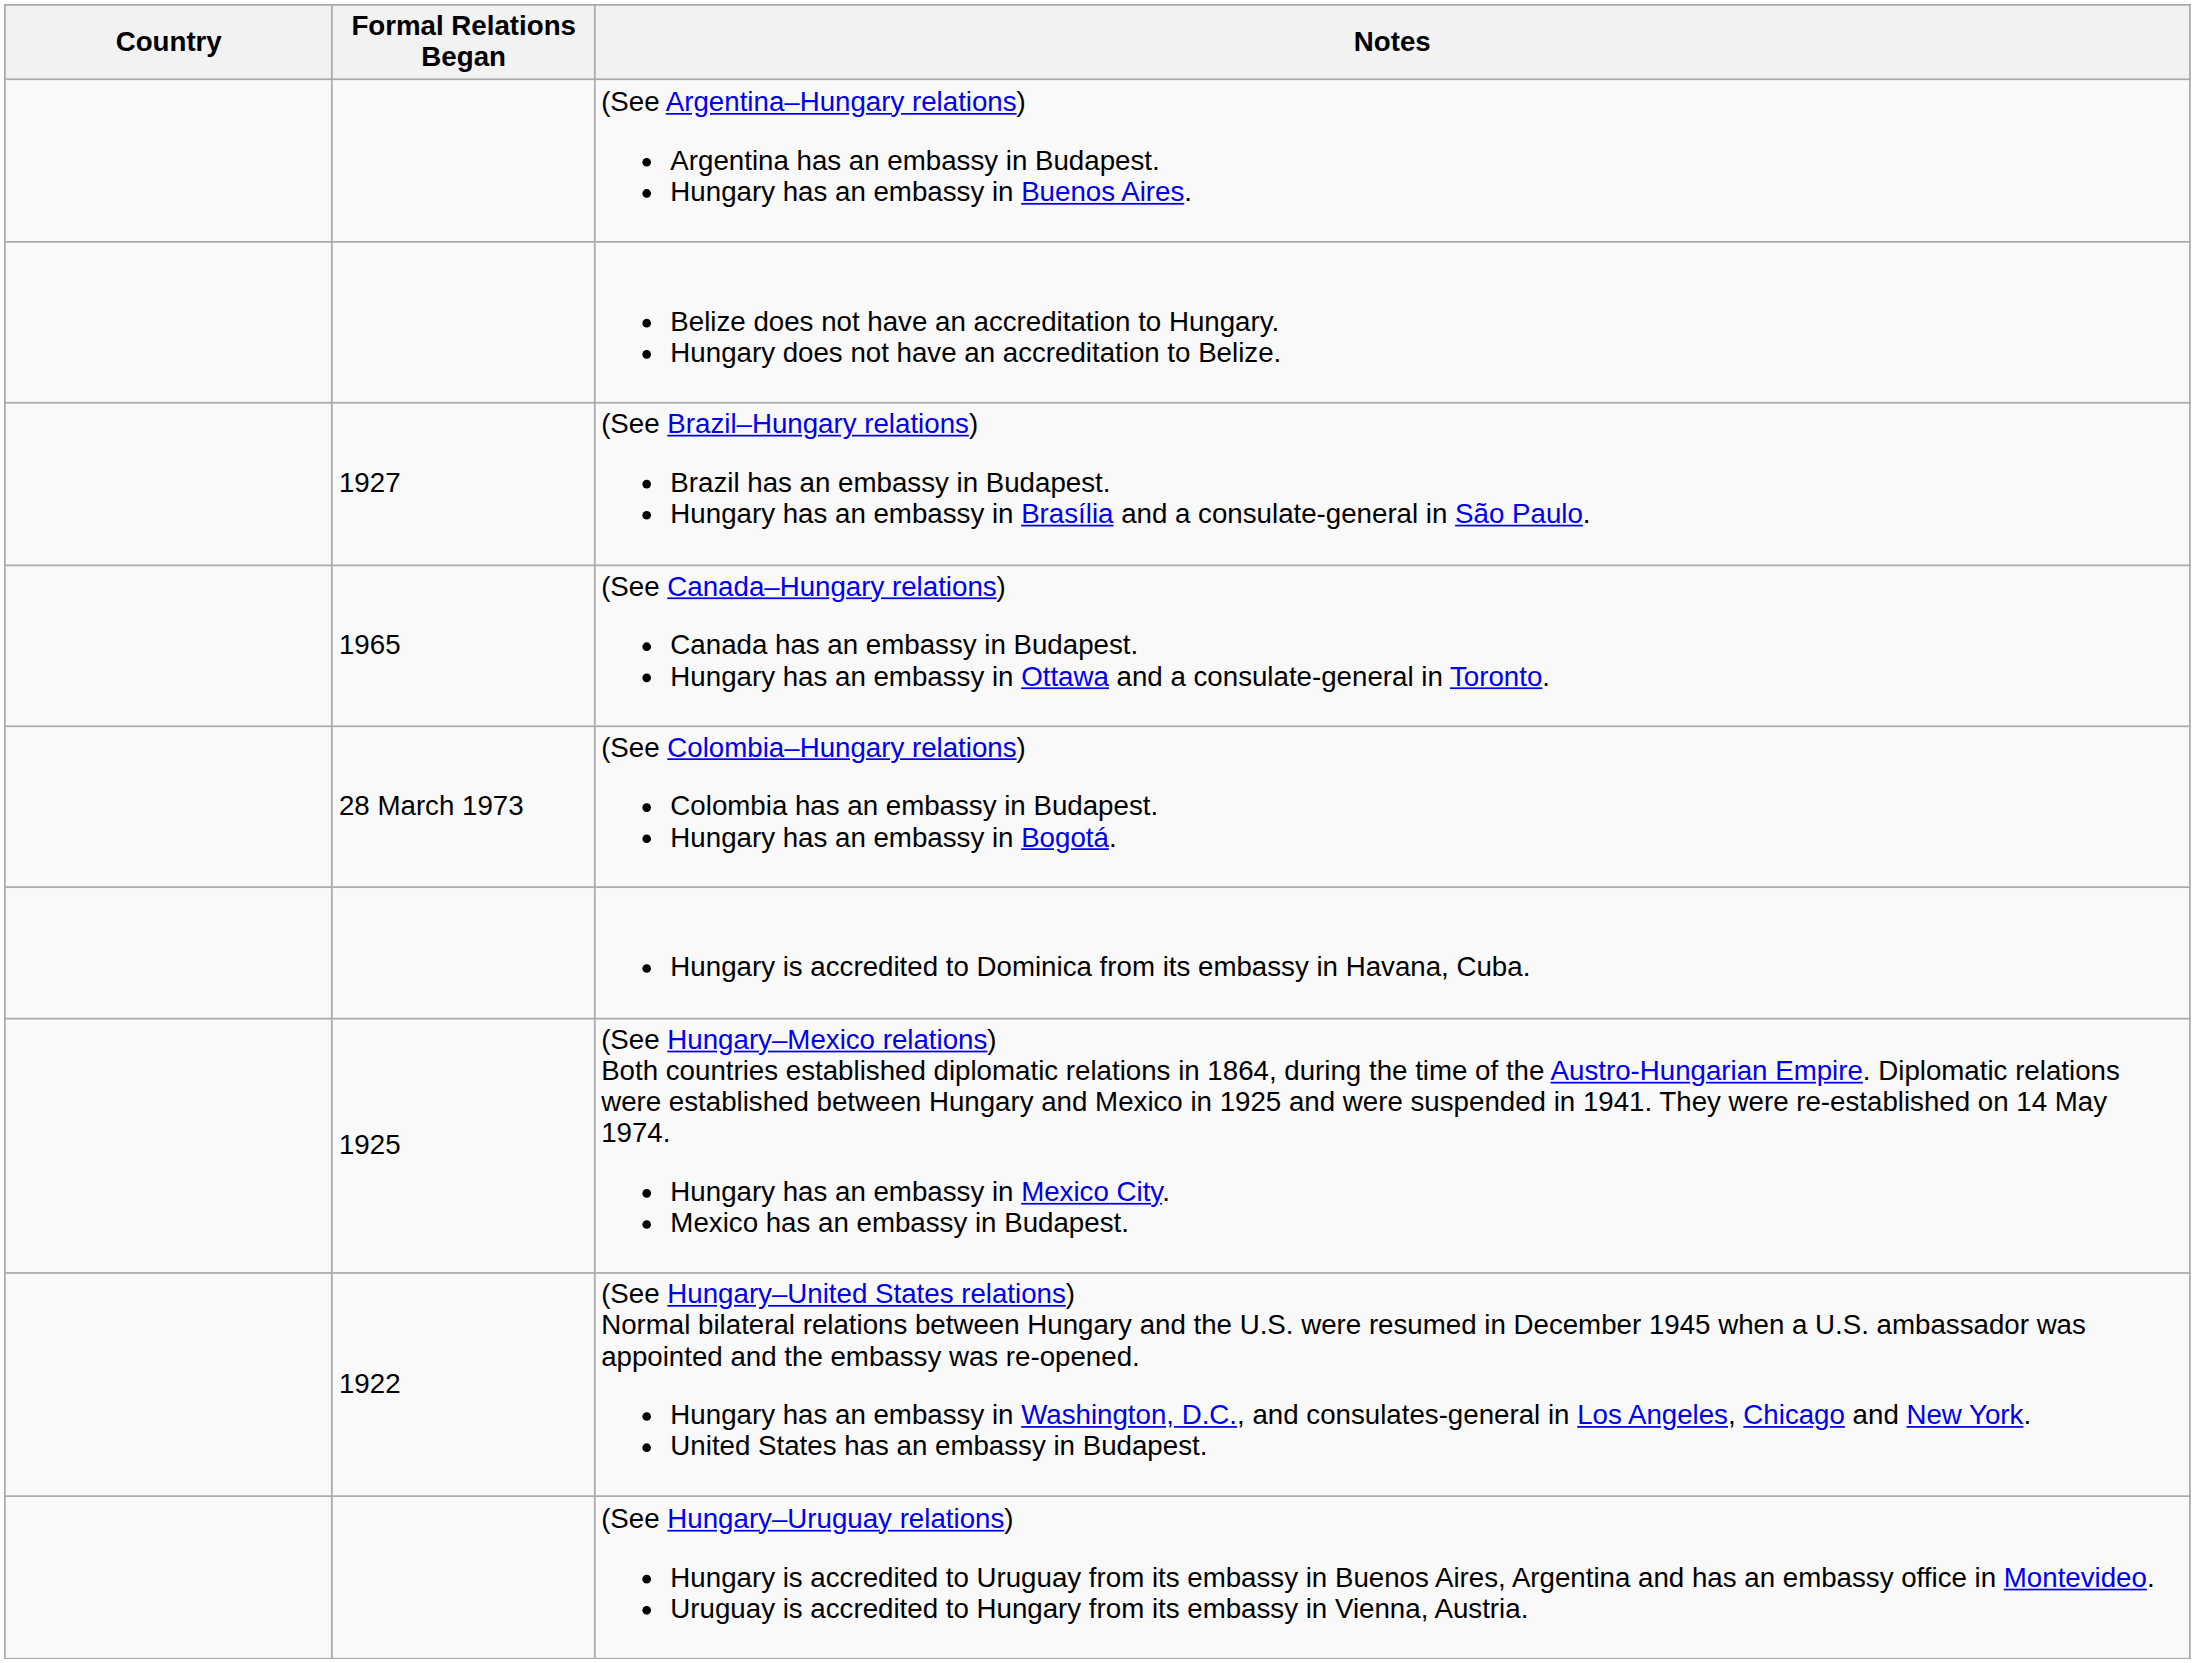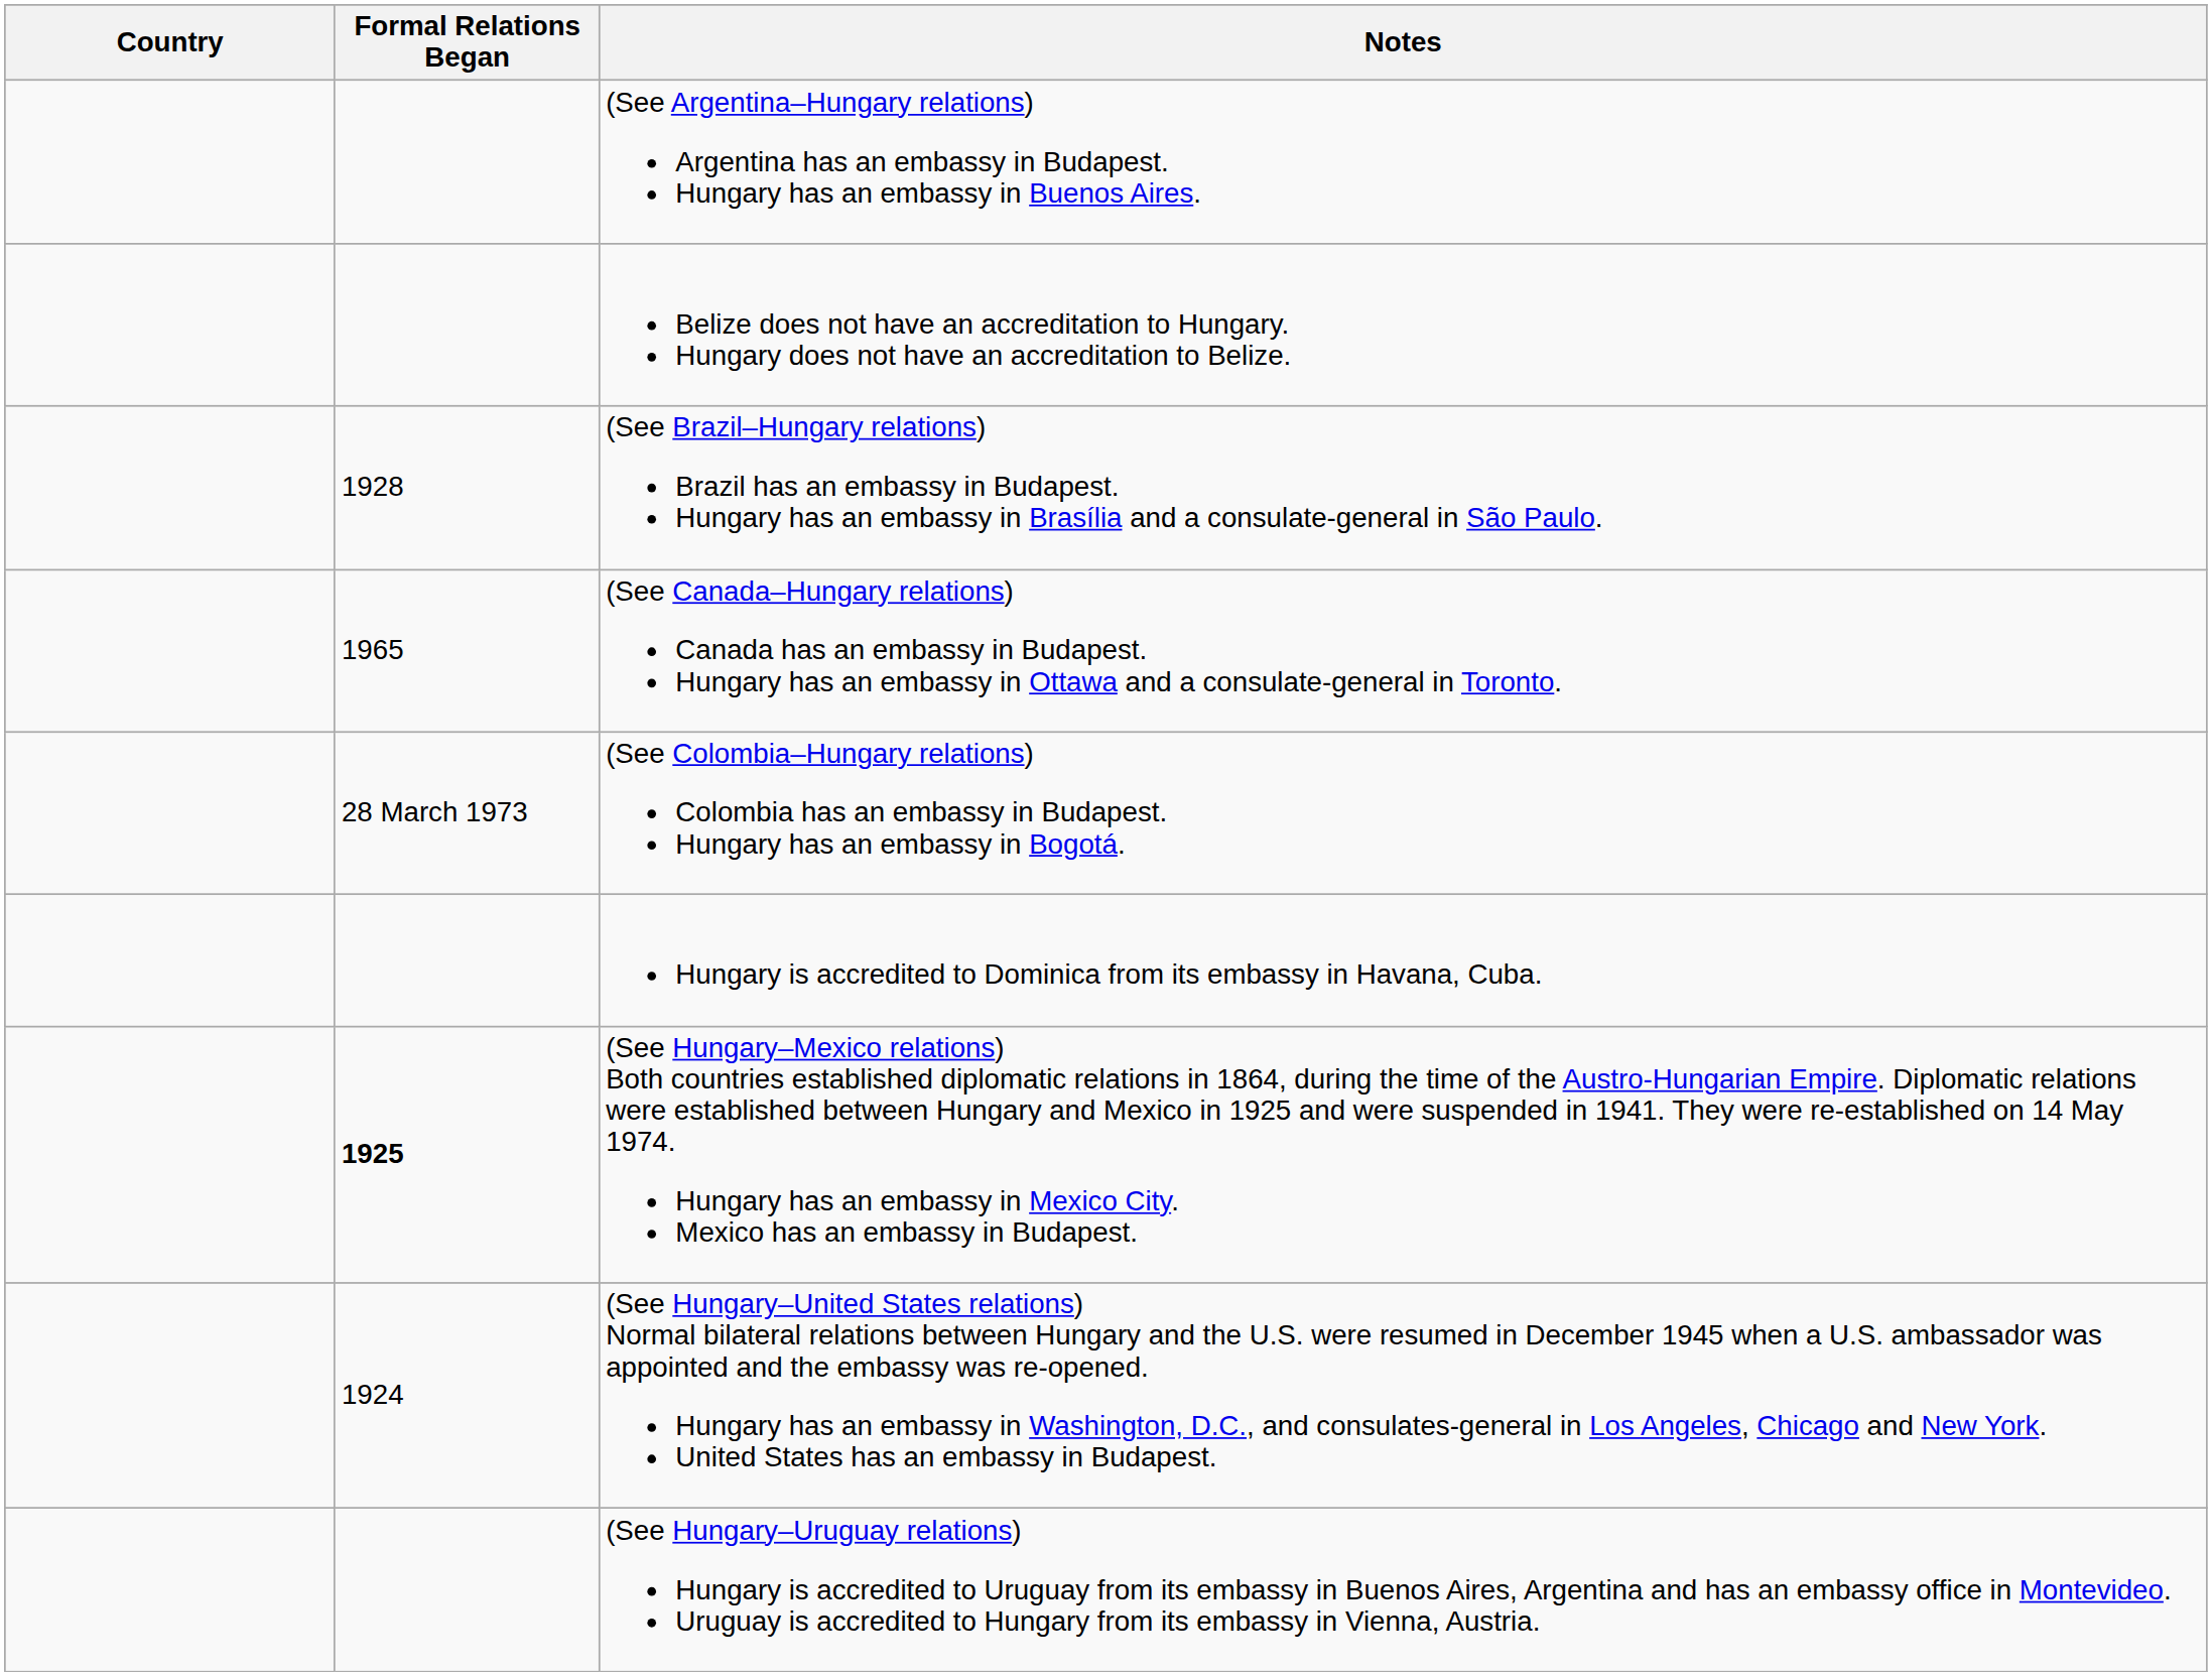 <table class="wikitable sortable" border="1" style="width:100%; margin:auto;">
 <tr>
 <th width="15%">Country</th>
 <th width="12%">Formal Relations Began</th>
 <th>Notes</th>
 </tr>
 <tr -valign="top">
 <td></td>
 <td></td>
 <td>(See <a href='#'>Argentina–Hungary relations</a>)<br><ul><li>Argentina has an embassy in Budapest.</li><li>Hungary has an embassy in <a href='#'>Buenos Aires</a>.</li></ul></td>
 </tr>
 <tr -valign="top">
 <td></td>
 <td></td>
 <td><br><ul><li>Belize does not have an accreditation to Hungary.</li><li>Hungary does not have an accreditation to Belize.</li></ul></td>
 </tr>
 <tr -valign="top">
 <td></td>
-<td>1927</td>
+<td>1928</td>
 <td>(See <a href='#'>Brazil–Hungary relations</a>)<br><ul><li>Brazil has an embassy in Budapest.</li><li>Hungary has an embassy in <a href='#'>Brasília</a> and a consulate-general in <a href='#'>São Paulo</a>.</li></ul></td>
 </tr>
 <tr -valign="top">
 <td></td>
 <td>1965</td>
 <td>(See <a href='#'>Canada–Hungary relations</a>)<br><ul><li>Canada has an embassy in Budapest.</li><li>Hungary has an embassy in <a href='#'>Ottawa</a> and a consulate-general in <a href='#'>Toronto</a>.</li></ul></td>
 </tr>
 <tr -valign="top">
 <td></td>
 <td>28 March 1973</td>
 <td>(See <a href='#'>Colombia–Hungary relations</a>)<br><ul><li>Colombia has an embassy in Budapest.</li><li>Hungary has an embassy in <a href='#'>Bogotá</a>.</li></ul></td>
 </tr>
 <tr -valign="top">
 <td></td>
 <td></td>
 <td><br><ul><li>Hungary is accredited to Dominica from its embassy in Havana, Cuba.</li></ul></td>
 </tr>
 <tr -valign="top">
 <td></td>
-<td>1925</td>
+<td><strong>1925</strong></td>
 <td>(See <a href='#'>Hungary–Mexico relations</a>)<br>Both countries established diplomatic relations in 1864, during the time of the <a href='#'>Austro-Hungarian Empire</a>. Diplomatic relations were established between Hungary and Mexico in 1925 and were suspended in 1941.  They were re-established on 14 May 1974.<ul><li>Hungary has an embassy in <a href='#'>Mexico City</a>.</li><li>Mexico has an embassy in Budapest.</li></ul></td>
 </tr>
 <tr -valign="top">
 <td></td>
-<td>1922</td>
+<td>1924</td>
 <td>(See <a href='#'>Hungary–United States relations</a>)<br>Normal bilateral relations between Hungary and the U.S. were resumed in December 1945 when a U.S. ambassador was appointed and the embassy was re-opened.<ul><li>Hungary has an embassy in <a href='#'>Washington, D.C.</a>, and consulates-general in <a href='#'>Los Angeles</a>, <a href='#'>Chicago</a> and <a href='#'>New York</a>.</li><li>United States has an embassy in Budapest.</li></ul></td>
 </tr>
 <tr -valign="top">
 <td></td>
 <td></td>
 <td>(See <a href='#'>Hungary–Uruguay relations</a>)<br><ul><li>Hungary is accredited to Uruguay from its embassy in Buenos Aires, Argentina and has an embassy office in <a href='#'>Montevideo</a>.</li><li>Uruguay is accredited to Hungary from its embassy in Vienna, Austria.</li></ul></td>
 </tr>
 </table>
